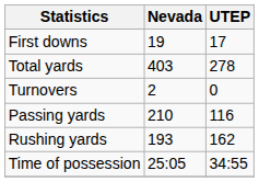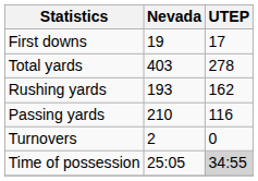 <table class="wikitable">
 <tr>
 <th>Statistics</th>
 <th>Nevada</th>
 <th>UTEP</th>
 </tr>
 <tr>
 <td>First downs</td>
 <td>19</td>
 <td>17</td>
 </tr>
 <tr>
 <td>Total yards</td>
 <td>403</td>
 <td>278</td>
 </tr>
 <tr>
-<td>Turnovers</td>
-<td>2</td>
-<td>0</td>
+<td>Rushing yards</td>
+<td>193</td>
+<td>162</td>
 </tr>
 <tr>
 <td>Passing yards</td>
 <td>210</td>
 <td>116</td>
 </tr>
 <tr>
-<td>Rushing yards</td>
-<td>193</td>
-<td>162</td>
+<td>Turnovers</td>
+<td>2</td>
+<td>0</td>
 </tr>
 <tr>
 <td>Time of possession</td>
 <td>25:05</td>
-<td>34:55</td>
+<td style="background: lightgrey;">34:55</td>
 </tr>
 <tr>
 </tr>
 </table>
